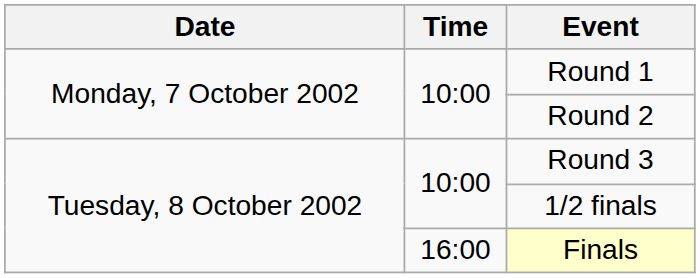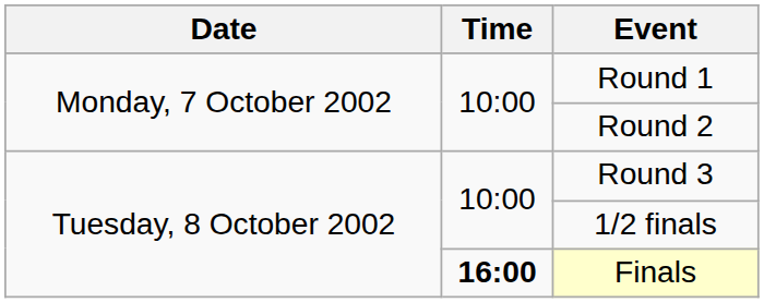 <table class = "wikitable" style="text-align:center;">
 <tr>
 <th width=220>Date</th>
 <th width=50>Time</th>
 <th width=100>Event</th>
 </tr>
 <tr>
 <td rowspan=2>Monday, 7 October 2002</td>
 <td rowspan=2>10:00</td>
 <td>Round 1</td>
 </tr>
 <tr>
 <td>Round 2</td>
 </tr>
 <tr>
 <td rowspan=3>Tuesday, 8 October 2002</td>
 <td rowspan=2>10:00</td>
 <td>Round 3</td>
 </tr>
 <tr>
 <td>1/2 finals</td>
 </tr>
 <tr>
-<td>16:00</td>
+<td><strong>16:00</strong></td>
 <td bgcolor=ffffcc>Finals</td>
 </tr>
 </table>
